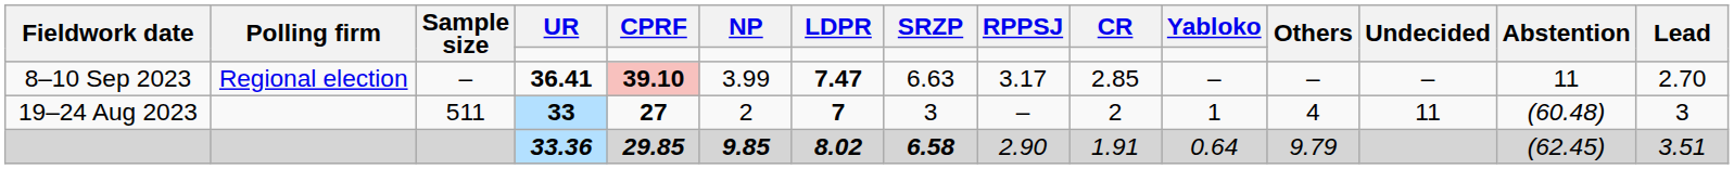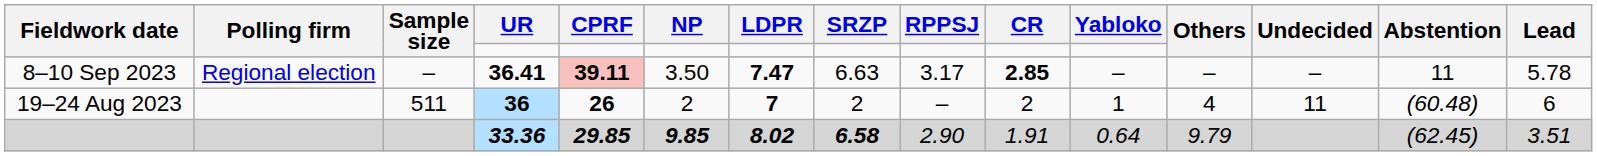 <table class=wikitable style="font-size:95%; line-height:14px; text-align:center">
 <tr>
 <th style=width:120px; rowspan=2>Fieldwork date</th>
 <th style=width:120px; rowspan=2>Polling firm</th>
 <th style=width:50px; rowspan=2>Sample<br>size</th>
 <th style="width:50px;"><a href='#'>UR</a></th>
 <th style="width:50px;"><a href='#'>CPRF</a></th>
 <th style="width:50px;"><a href='#'>NP</a></th>
 <th style="width:50px;"><a href='#'>LDPR</a></th>
 <th style="width:50px;"><a href='#'>SRZP</a></th>
 <th style="width:50px;"><a href='#'>RPPSJ</a></th>
 <th style="width:50px;"><a href='#'>CR</a></th>
 <th style="width:50px;"><a href='#'>Yabloko</a></th>
 <th style="width:50px;" rowspan=2>Others</th>
 <th style="width:50px;" rowspan=2>Undecided</th>
 <th style="width:50px;" rowspan=2>Abstention</th>
 <th style="width:50px;" rowspan="2">Lead</th>
 </tr>
 <tr>
 <td bgcolor=></td>
 <td bgcolor=></td>
 <td bgcolor=></td>
 <td bgcolor=></td>
 <td bgcolor=></td>
 <td bgcolor=></td>
 <td bgcolor=></td>
 <td bgcolor=></td>
 </tr>
 <tr>
 <td>8–10 Sep 2023</td>
 <td><a href='#'>Regional election</a></td>
 <td>–</td>
 <td><strong>36.41</strong></td>
-<td style="background:#F8C1BE"><strong>39.10</strong></td>
-<td>3.99</td>
+<td style="background:#F8C1BE"><strong>39.11</strong></td>
+<td>3.50</td>
 <td><strong>7.47</strong></td>
 <td>6.63</td>
 <td>3.17</td>
-<td>2.85</td>
+<td><strong>2.85</strong></td>
 <td>–</td>
 <td>–</td>
 <td>–</td>
 <td>11</td>
-<td style="background:">2.70</td>
+<td style="background:">5.78</td>
 </tr>
 <tr>
 <td>19–24 Aug 2023</td>
 <td></td>
 <td>511</td>
-<td style="background:#B3E0FF"><strong>33</strong></td>
-<td><strong>27</strong></td>
+<td style="background:#B3E0FF"><strong>36</strong></td>
+<td><strong>26</strong></td>
 <td>2</td>
 <td><strong>7</strong></td>
-<td>3</td>
+<td>2</td>
 <td>–</td>
 <td>2</td>
 <td>1</td>
 <td>4</td>
 <td>11</td>
 <td><em>(60.48)</em></td>
-<td style="background:">3</td>
+<td style="background:">6</td>
 </tr>
 <tr style="background:#D5D5D5">
 <td></td>
 <td></td>
 <td></td>
 <td style="background:#B3E0FF"><strong><em>33.36</em></strong></td>
 <td><strong><em>29.85</em></strong></td>
 <td><strong><em>9.85</em></strong></td>
 <td><strong><em>8.02</em></strong></td>
 <td><strong><em>6.58</em></strong></td>
 <td><em>2.90</em></td>
 <td><em>1.91</em></td>
 <td><em>0.64</em></td>
 <td><em>9.79</em></td>
 <td></td>
 <td><em>(62.45)</em></td>
 <td style="background:"><em>3.51</em></td>
 </tr>
 </table>
